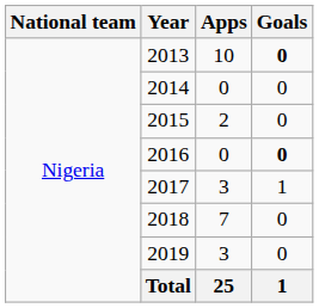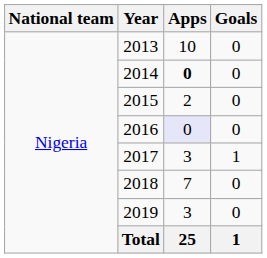 <table class="wikitable" style="text-align:center">
 <tr>
 <th>National team</th>
 <th>Year</th>
 <th>Apps</th>
 <th>Goals</th>
 </tr>
 <tr>
 <td rowspan="8"><a href='#'>Nigeria</a></td>
 <td>2013</td>
 <td>10</td>
-<td><strong>0</strong></td>
+<td>0</td>
 </tr>
 <tr>
 <td>2014</td>
-<td>0</td>
+<td><strong>0</strong></td>
 <td>0</td>
 </tr>
 <tr>
 <td>2015</td>
 <td>2</td>
 <td>0</td>
 </tr>
 <tr>
 <td>2016</td>
+<td style="background: lavender;">0</td>
 <td>0</td>
-<td><strong>0</strong></td>
 </tr>
 <tr>
 <td>2017</td>
 <td>3</td>
 <td>1</td>
 </tr>
 <tr>
 <td>2018</td>
 <td>7</td>
 <td>0</td>
 </tr>
 <tr>
 <td>2019</td>
 <td>3</td>
 <td>0</td>
 </tr>
 <tr>
 <th>Total</th>
 <th>25</th>
 <th>1</th>
 </tr>
 </table>
